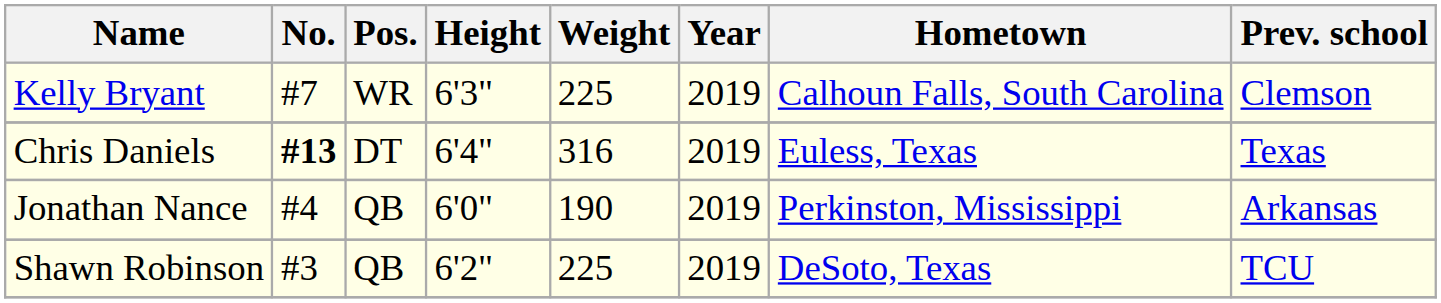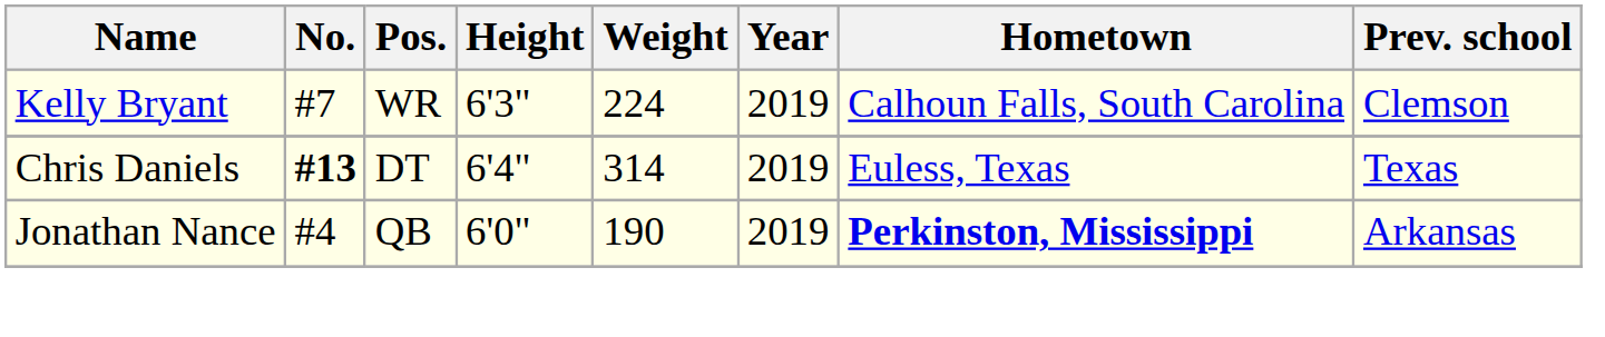 <table class="wikitable sortable">
 <tr>
 <th>Name</th>
 <th>No.</th>
 <th>Pos.</th>
 <th>Height</th>
 <th>Weight</th>
 <th>Year</th>
 <th>Hometown</th>
 <th class="unsortable">Prev. school</th>
 </tr>
 <tr style="background:#FFFFE6;">
 <td><a href='#'>Kelly Bryant</a></td>
 <td>#7</td>
 <td>WR</td>
 <td>6'3"</td>
-<td>225</td>
+<td>224</td>
 <td>2019</td>
 <td><a href='#'>Calhoun Falls, South Carolina</a></td>
 <td><a href='#'>Clemson</a></td>
 </tr>
 <tr>
 </tr>
 <tr style="background:#FFFFE6;">
 <td>Chris Daniels</td>
 <td><strong>#13</strong></td>
 <td>DT</td>
 <td>6'4"</td>
-<td>316</td>
+<td>314</td>
 <td>2019</td>
 <td><a href='#'>Euless, Texas</a></td>
 <td><a href='#'>Texas</a></td>
 </tr>
 <tr>
 </tr>
 <tr style="background:#FFFFE6;">
 <td>Jonathan Nance</td>
 <td>#4</td>
 <td>QB</td>
 <td>6'0"</td>
 <td>190</td>
 <td>2019</td>
-<td><a href='#'>Perkinston, Mississippi</a></td>
+<td><strong><a href='#'>Perkinston, Mississippi</a></strong></td>
 <td><a href='#'>Arkansas</a></td>
 </tr>
 <tr>
 </tr>
-<tr style="background:#FFFFE6;">
-<td>Shawn Robinson</td>
-<td>#3</td>
-<td>QB</td>
-<td>6'2"</td>
-<td>225</td>
-<td>2019</td>
-<td><a href='#'>DeSoto, Texas</a></td>
-<td><a href='#'>TCU</a></td>
-</tr>
 <tr>
 </tr>
 </table>
